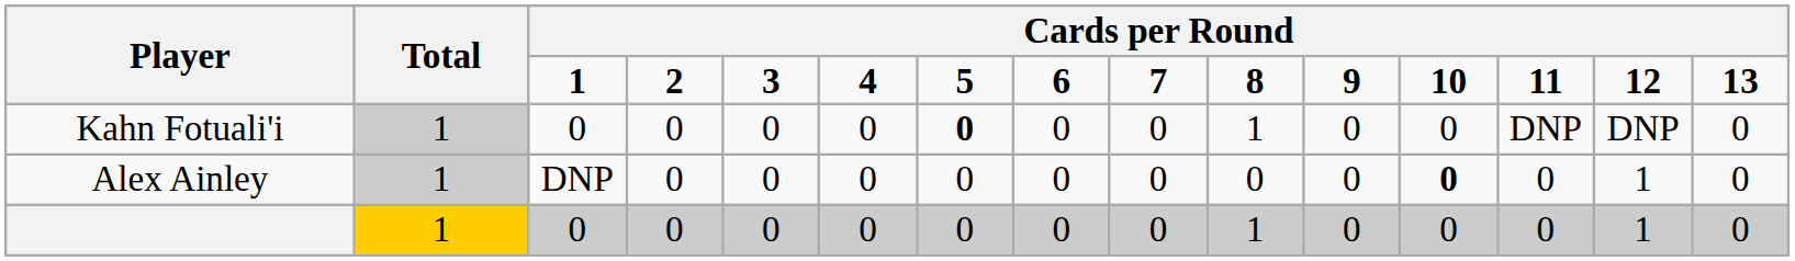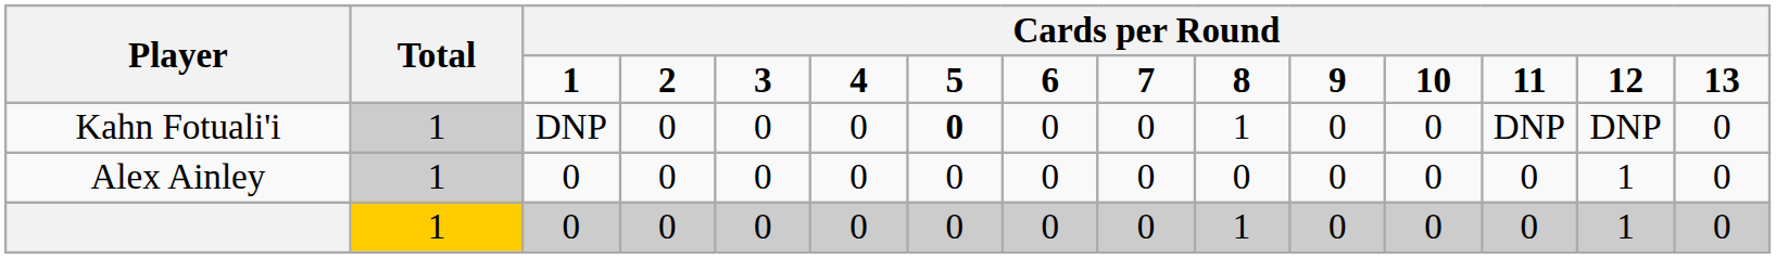 <table class="wikitable" style="text-align:center; line-height: 90%; font-size:90%;" width=80%>
 <tr>
 <th rowspan=2 width=18%>Player</th>
 <th rowspan=2 width=9%>Total</th>
 <th colspan=13>Cards per Round</th>
 </tr>
 <tr>
 <td width=5%><strong>1</strong></td>
 <td width=5%><strong>2</strong></td>
 <td width=5%><strong>3</strong></td>
 <td width=5%><strong>4</strong></td>
 <td width=5%><strong>5</strong></td>
 <td width=5%><strong>6</strong></td>
 <td width=5%><strong>7</strong></td>
 <td width=5%><strong>8</strong></td>
 <td width=5%><strong>9</strong></td>
 <td width=5%><strong>10</strong></td>
 <td width=5%><strong>11</strong></td>
 <td width=5%><strong>12</strong></td>
 <td width=5%><strong>13</strong></td>
 </tr>
 <tr>
 <td>Kahn Fotuali'i</td>
 <td bgcolor=#cccccc>1</td>
-<td>0</td>
+<td>DNP</td>
 <td>0</td>
 <td>0</td>
 <td>0</td>
 <td><strong>0</strong></td>
 <td>0</td>
 <td>0</td>
 <td>1</td>
 <td>0</td>
 <td>0</td>
 <td>DNP</td>
 <td>DNP</td>
 <td>0</td>
 </tr>
 <tr>
 <td>Alex Ainley</td>
 <td bgcolor=#cccccc>1</td>
-<td>DNP</td>
 <td>0</td>
 <td>0</td>
 <td>0</td>
 <td>0</td>
 <td>0</td>
 <td>0</td>
 <td>0</td>
 <td>0</td>
-<td><strong>0</strong></td>
+<td>0</td>
+<td>0</td>
 <td>0</td>
 <td>1</td>
 <td>0</td>
 </tr>
 <tr>
 <th></th>
 <td bgcolor=#ffcc00>1</td>
 <td bgcolor=#cccccc>0</td>
 <td bgcolor=#cccccc>0</td>
 <td bgcolor=#cccccc>0</td>
 <td bgcolor=#cccccc>0</td>
 <td bgcolor=#cccccc>0</td>
 <td bgcolor=#cccccc>0</td>
 <td bgcolor=#cccccc>0</td>
 <td bgcolor=#cccccc>1</td>
 <td bgcolor=#cccccc>0</td>
 <td bgcolor=#cccccc>0</td>
 <td bgcolor=#cccccc>0</td>
 <td bgcolor=#cccccc>1</td>
 <td bgcolor=#cccccc>0</td>
 </tr>
 </table>
